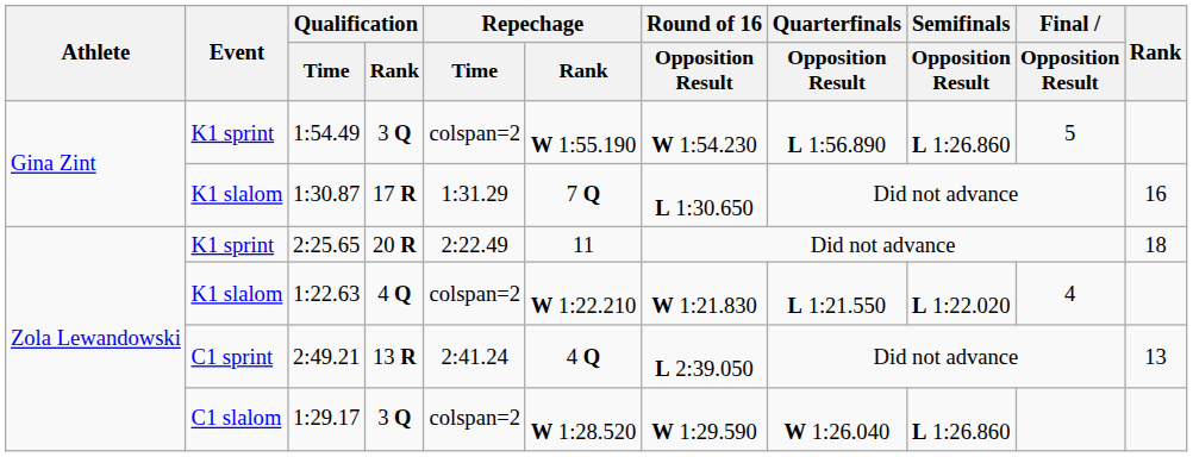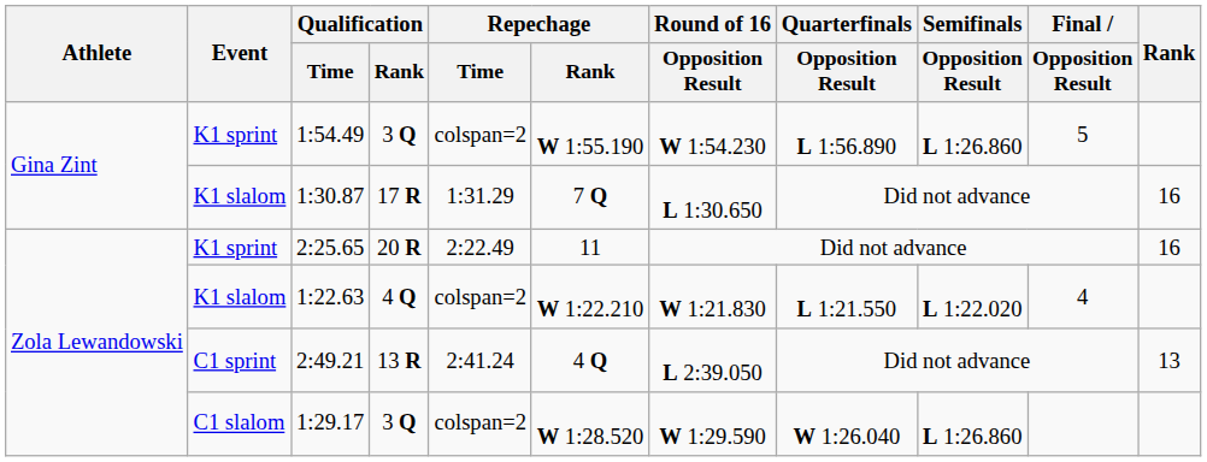 <table class="wikitable" style="font-size:90%;">
 <tr>
 <th rowspan=2>Athlete</th>
 <th rowspan=2>Event</th>
 <th colspan=2>Qualification</th>
 <th colspan=2>Repechage</th>
 <th>Round of 16</th>
 <th>Quarterfinals</th>
 <th>Semifinals</th>
 <th>Final / </th>
 <th rowspan=2>Rank</th>
 </tr>
 <tr style="font-size:95%">
 <th>Time</th>
 <th>Rank</th>
 <th>Time</th>
 <th>Rank</th>
 <th>Opposition <br>Result</th>
 <th>Opposition <br>Result</th>
 <th>Opposition <br>Result</th>
 <th>Opposition <br>Result</th>
 </tr>
 <tr align=center>
 <td align=left rowspan=2><a href='#'>Gina Zint</a></td>
 <td align=left><a href='#'>K1 sprint</a></td>
 <td>1:54.49</td>
 <td>3 <strong>Q</strong></td>
 <td>colspan=2 </td>
 <td><br><strong>W</strong> 1:55.190</td>
 <td><br><strong>W</strong> 1:54.230</td>
 <td><br><strong>L</strong> 1:56.890</td>
 <td><br><strong>L</strong> 1:26.860</td>
 <td>5</td>
 </tr>
 <tr align=center>
 <td align=left><a href='#'>K1 slalom</a></td>
 <td>1:30.87</td>
 <td>17 <strong>R</strong></td>
 <td>1:31.29</td>
 <td>7 <strong>Q</strong></td>
 <td><br><strong>L</strong> 1:30.650</td>
 <td colspan=3>Did not advance</td>
 <td>16</td>
 </tr>
 <tr align=center>
 <td align=left rowspan=4><a href='#'>Zola Lewandowski</a></td>
 <td align=left><a href='#'>K1 sprint</a></td>
 <td>2:25.65</td>
 <td>20 <strong>R</strong></td>
 <td>2:22.49</td>
 <td>11</td>
 <td colspan=4>Did not advance</td>
-<td>18</td>
+<td>16</td>
 </tr>
 <tr align=center>
 <td align=left><a href='#'>K1 slalom</a></td>
 <td>1:22.63</td>
 <td>4 <strong>Q</strong></td>
 <td>colspan=2 </td>
 <td><br><strong>W</strong> 1:22.210</td>
 <td><br><strong>W</strong> 1:21.830</td>
 <td><br><strong>L</strong> 1:21.550</td>
 <td><br><strong>L</strong> 1:22.020</td>
 <td>4</td>
 </tr>
 <tr align=center>
 <td align=left><a href='#'>C1 sprint</a></td>
 <td>2:49.21</td>
 <td>13 <strong>R</strong></td>
 <td>2:41.24</td>
 <td>4 <strong>Q</strong></td>
 <td><br><strong>L</strong> 2:39.050</td>
 <td colspan=3>Did not advance</td>
 <td>13</td>
 </tr>
 <tr align=center>
 <td align=left><a href='#'>C1 slalom</a></td>
 <td>1:29.17</td>
 <td>3 <strong>Q</strong></td>
 <td>colspan=2 </td>
 <td><br><strong>W</strong> 1:28.520</td>
 <td><br><strong>W</strong> 1:29.590</td>
 <td><br><strong>W</strong> 1:26.040</td>
 <td><br><strong>L</strong> 1:26.860</td>
 <td></td>
 </tr>
 </table>
